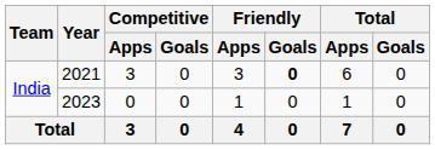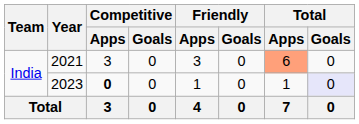 <table class="wikitable" style="text-align:center">
 <tr>
 <th rowspan=2>Team</th>
 <th rowspan=2>Year</th>
 <th colspan=2>Competitive</th>
 <th colspan=2>Friendly</th>
 <th colspan=2>Total</th>
 </tr>
 <tr>
 <th>Apps</th>
 <th>Goals</th>
 <th>Apps</th>
 <th>Goals</th>
 <th>Apps</th>
 <th>Goals</th>
 </tr>
 <tr>
 <td rowspan="2"><a href='#'>India</a></td>
 <td>2021</td>
 <td>3</td>
 <td>0</td>
 <td>3</td>
-<td><strong>0</strong></td>
-<td>6</td>
+<td>0</td>
+<td style="background: lightsalmon;">6</td>
 <td>0</td>
 </tr>
 <tr>
 <td>2023</td>
-<td>0</td>
+<td><strong>0</strong></td>
 <td>0</td>
 <td>1</td>
 <td>0</td>
 <td>1</td>
-<td>0</td>
+<td style="background: lavender;">0</td>
 </tr>
 <tr>
 <th colspan="2">Total</th>
 <th>3</th>
 <th>0</th>
 <th>4</th>
 <th>0</th>
 <th>7</th>
 <th>0</th>
 </tr>
 </table>
